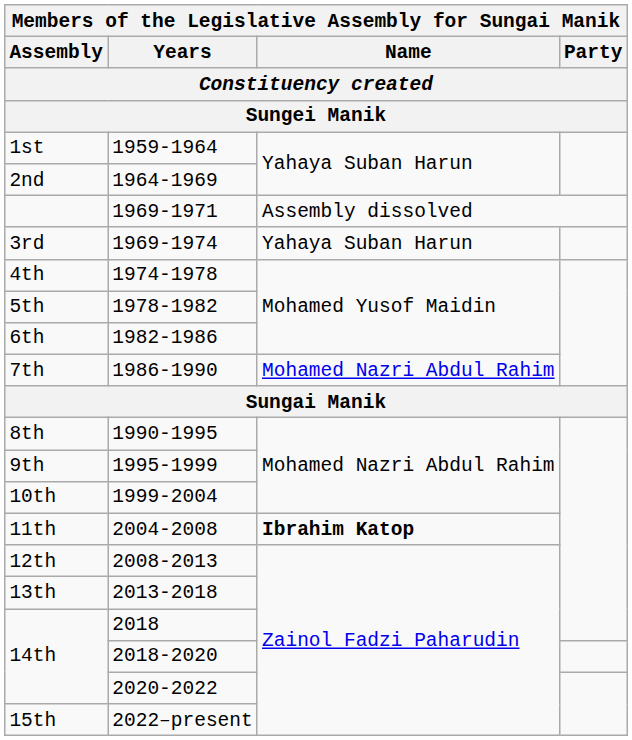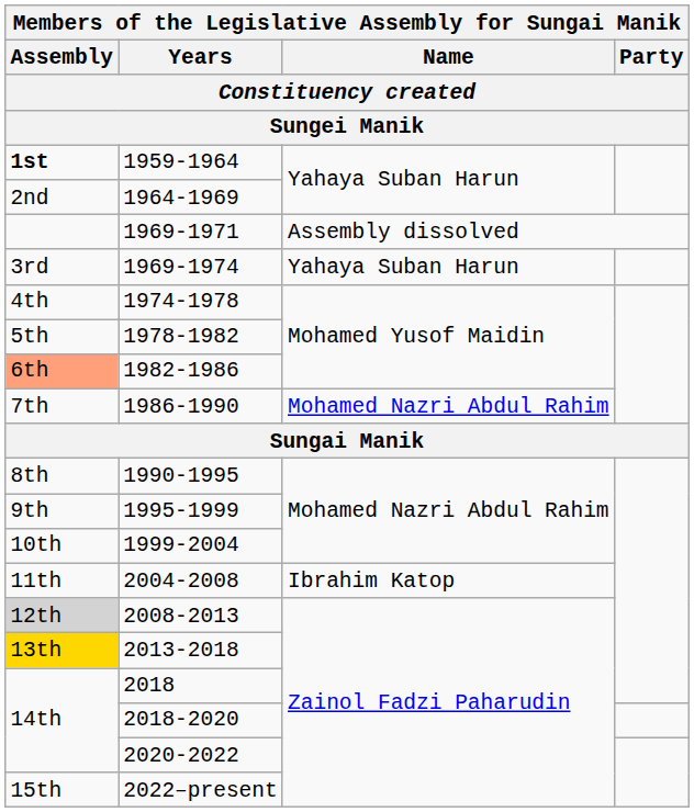 <table class="wikitable">
 <tr>
 <th colspan="4">Members of the Legislative Assembly for Sungai Manik</th>
 </tr>
 <tr>
 <th>Assembly</th>
 <th>Years</th>
 <th>Name</th>
 <th>Party</th>
 </tr>
 <tr>
 <th colspan="4"><em>Constituency created</em></th>
 </tr>
 <tr>
 <th colspan="4">Sungei Manik</th>
 </tr>
 <tr>
-<td>1st</td>
+<td><strong>1st</strong></td>
 <td>1959-1964</td>
 <td rowspan="2">Yahaya Suban Harun</td>
 <td rowspan="2"></td>
 </tr>
 <tr>
 <td>2nd</td>
 <td>1964-1969</td>
 </tr>
 <tr>
 <td></td>
 <td>1969-1971</td>
 <td colspan="2">Assembly dissolved</td>
 </tr>
 <tr>
 <td>3rd</td>
 <td>1969-1974</td>
 <td>Yahaya Suban Harun</td>
 <td></td>
 </tr>
 <tr>
 <td>4th</td>
 <td>1974-1978</td>
 <td rowspan="3">Mohamed Yusof Maidin</td>
 <td rowspan="4"></td>
 </tr>
 <tr>
 <td>5th</td>
 <td>1978-1982</td>
 </tr>
 <tr>
-<td>6th</td>
+<td style="background: lightsalmon;">6th</td>
 <td>1982-1986</td>
 </tr>
 <tr>
 <td>7th</td>
 <td>1986-1990</td>
 <td><a href='#'>Mohamed Nazri Abdul Rahim</a></td>
 </tr>
 <tr>
 <th colspan="4">Sungai Manik</th>
 </tr>
 <tr>
 <td>8th</td>
 <td>1990-1995</td>
 <td rowspan="3">Mohamed Nazri Abdul Rahim</td>
 <td rowspan="7"></td>
 </tr>
 <tr>
 <td>9th</td>
 <td>1995-1999</td>
 </tr>
 <tr>
 <td>10th</td>
 <td>1999-2004</td>
 </tr>
 <tr>
 <td>11th</td>
 <td>2004-2008</td>
-<td><strong>Ibrahim Katop</strong></td>
+<td>Ibrahim Katop</td>
 </tr>
 <tr>
-<td>12th</td>
+<td style="background: lightgrey;">12th</td>
 <td>2008-2013</td>
 <td rowspan="6"><a href='#'>Zainol Fadzi Paharudin</a></td>
 </tr>
 <tr>
-<td>13th</td>
+<td style="background: gold;">13th</td>
 <td>2013-2018</td>
 </tr>
 <tr>
 <td rowspan="3">14th</td>
 <td>2018</td>
 </tr>
 <tr>
 <td>2018-2020</td>
 <td></td>
 </tr>
 <tr>
 <td>2020-2022</td>
 <td rowspan="2"></td>
 </tr>
 <tr>
 <td>15th</td>
 <td>2022–present</td>
 </tr>
 </table>
